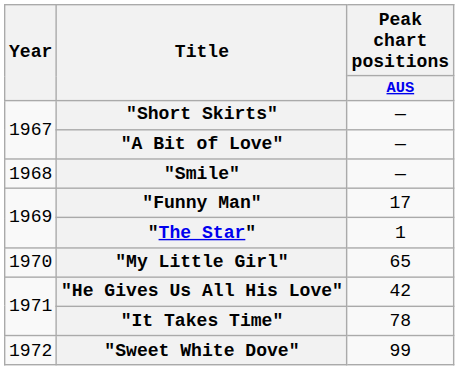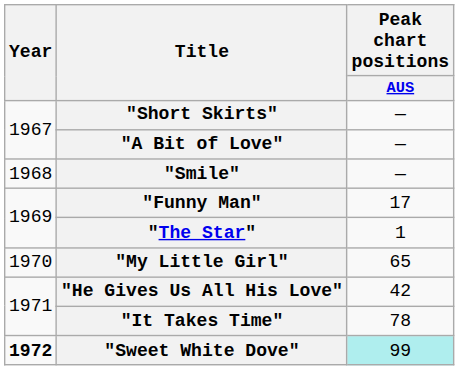 <table class="wikitable plainrowheaders" style="text-align:center;" border="1">
 <tr>
 <th scope="col" rowspan="2">Year</th>
 <th scope="col" rowspan="2">Title</th>
 <th scope="col" colspan="1">Peak chart positions</th>
 </tr>
 <tr>
 <th scope="col" style="width:3em; font-size:85%"><a href='#'>AUS</a><br></th>
 </tr>
 <tr>
 <td rowspan="2">1967</td>
 <th scope="row">"Short Skirts"</th>
 <td>—</td>
 </tr>
 <tr>
 <th scope="row">"A Bit of Love"</th>
 <td>—</td>
 </tr>
 <tr>
 <td>1968</td>
 <th scope="row">"Smile"</th>
 <td>—</td>
 </tr>
 <tr>
 <td rowspan="2">1969</td>
 <th scope="row">"Funny Man"</th>
 <td>17</td>
 </tr>
 <tr>
 <th scope="row">"<a href='#'>The Star</a>"</th>
 <td>1</td>
 </tr>
 <tr>
 <td>1970</td>
 <th scope="row">"My Little Girl"</th>
 <td>65</td>
 </tr>
 <tr>
 <td rowspan="2">1971</td>
 <th scope="row">"He Gives Us All His Love"</th>
 <td>42</td>
 </tr>
 <tr>
 <th scope="row">"It Takes Time"</th>
 <td>78</td>
 </tr>
 <tr>
-<td>1972</td>
+<td><strong>1972</strong></td>
 <th scope="row">"Sweet White Dove"</th>
-<td>99</td>
+<td style="background: paleturquoise;">99</td>
 </tr>
 </table>
